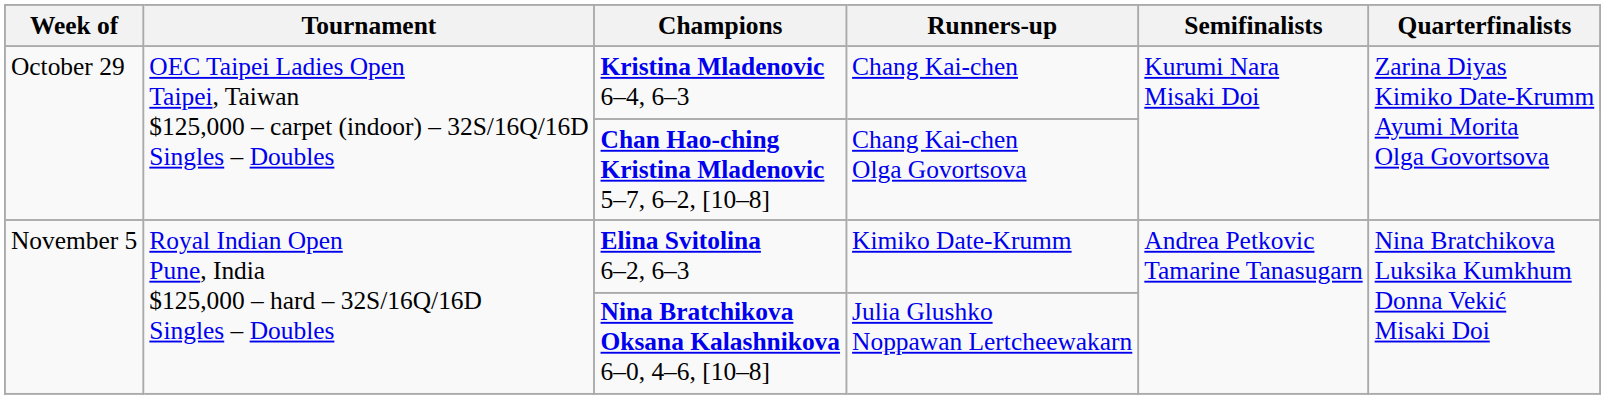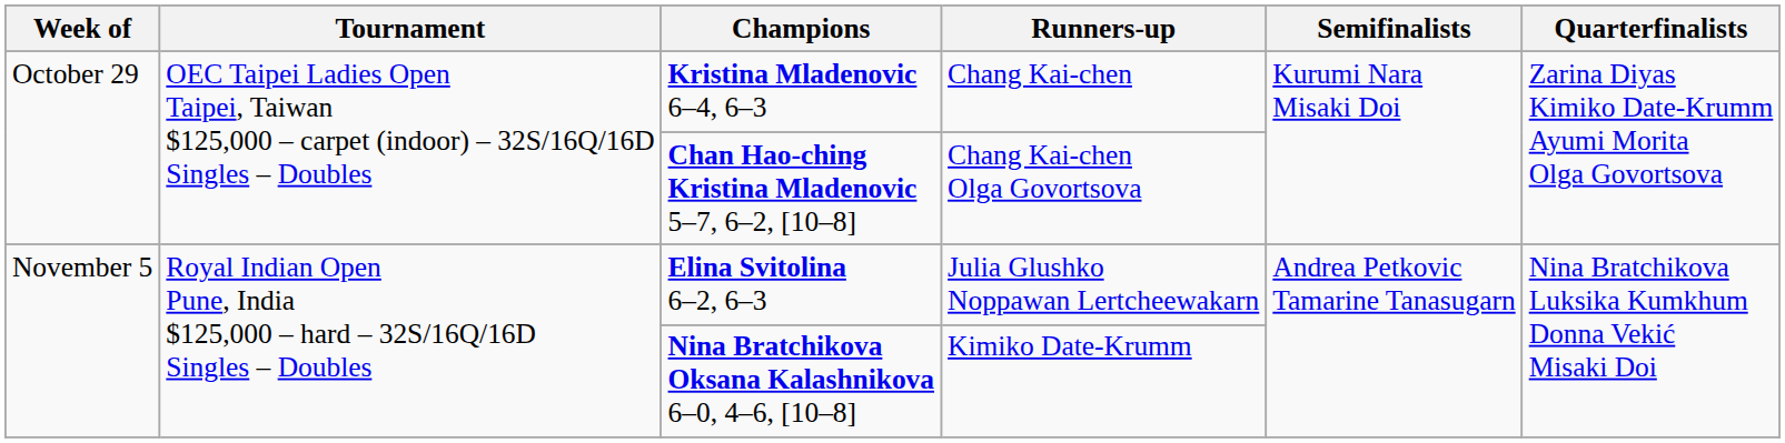 <table class="wikitable" style="font-size:85%;">
 <tr>
 <th>Week of</th>
 <th>Tournament</th>
 <th>Champions</th>
 <th>Runners-up</th>
 <th>Semifinalists</th>
 <th>Quarterfinalists</th>
 </tr>
 <tr valign=top>
 <td rowspan=2>October 29</td>
 <td rowspan=2><a href='#'>OEC Taipei Ladies Open</a><br><a href='#'>Taipei</a>, Taiwan <br>$125,000 – carpet (indoor) – 32S/16Q/16D <br><a href='#'>Singles</a> – <a href='#'>Doubles</a></td>
 <td> <strong><a href='#'>Kristina Mladenovic</a></strong><br>6–4, 6–3</td>
 <td> <a href='#'>Chang Kai-chen</a></td>
 <td rowspan=2> <a href='#'>Kurumi Nara</a> <br>  <a href='#'>Misaki Doi</a></td>
 <td rowspan=2> <a href='#'>Zarina Diyas</a> <br>  <a href='#'>Kimiko Date-Krumm</a> <br>  <a href='#'>Ayumi Morita</a> <br>  <a href='#'>Olga Govortsova</a></td>
 </tr>
 <tr valign=top>
 <td> <strong><a href='#'>Chan Hao-ching</a></strong><br> <strong><a href='#'>Kristina Mladenovic</a></strong><br>5–7, 6–2, [10–8]</td>
 <td> <a href='#'>Chang Kai-chen</a><br> <a href='#'>Olga Govortsova</a></td>
 </tr>
 <tr valign=top>
 <td rowspan=2>November 5</td>
 <td rowspan=2><a href='#'>Royal Indian Open</a>  <br><a href='#'>Pune</a>, India <br>$125,000 – hard – 32S/16Q/16D <br><a href='#'>Singles</a> – <a href='#'>Doubles</a></td>
 <td> <strong><a href='#'>Elina Svitolina</a></strong><br>6–2, 6–3</td>
-<td> <a href='#'>Kimiko Date-Krumm</a></td>
+<td> <a href='#'>Julia Glushko</a><br> <a href='#'>Noppawan Lertcheewakarn</a></td>
 <td rowspan=2> <a href='#'>Andrea Petkovic</a> <br>  <a href='#'>Tamarine Tanasugarn</a></td>
 <td rowspan=2> <a href='#'>Nina Bratchikova</a> <br> <a href='#'>Luksika Kumkhum</a> <br>  <a href='#'>Donna Vekić</a> <br>  <a href='#'>Misaki Doi</a></td>
 </tr>
 <tr valign=top>
 <td> <strong><a href='#'>Nina Bratchikova</a></strong><br> <strong><a href='#'>Oksana Kalashnikova</a></strong> <br> 6–0, 4–6, [10–8]</td>
-<td> <a href='#'>Julia Glushko</a><br> <a href='#'>Noppawan Lertcheewakarn</a></td>
+<td> <a href='#'>Kimiko Date-Krumm</a></td>
 </tr>
 </table>
